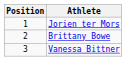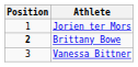 <table class="wikitable">
 <tr>
 <th>Position</th>
 <th>Athlete</th>
 </tr>
 <tr align="center">
 <td>1</td>
 <td align="left"> <a href='#'>Jorien ter Mors</a></td>
 </tr>
 <tr align="center">
-<td>2</td>
+<td><strong>2</strong></td>
 <td align="left"> <a href='#'>Brittany Bowe</a></td>
 </tr>
 <tr align="center">
 <td>3</td>
 <td align="left"> <a href='#'>Vanessa Bittner</a></td>
 </tr>
 </table>
